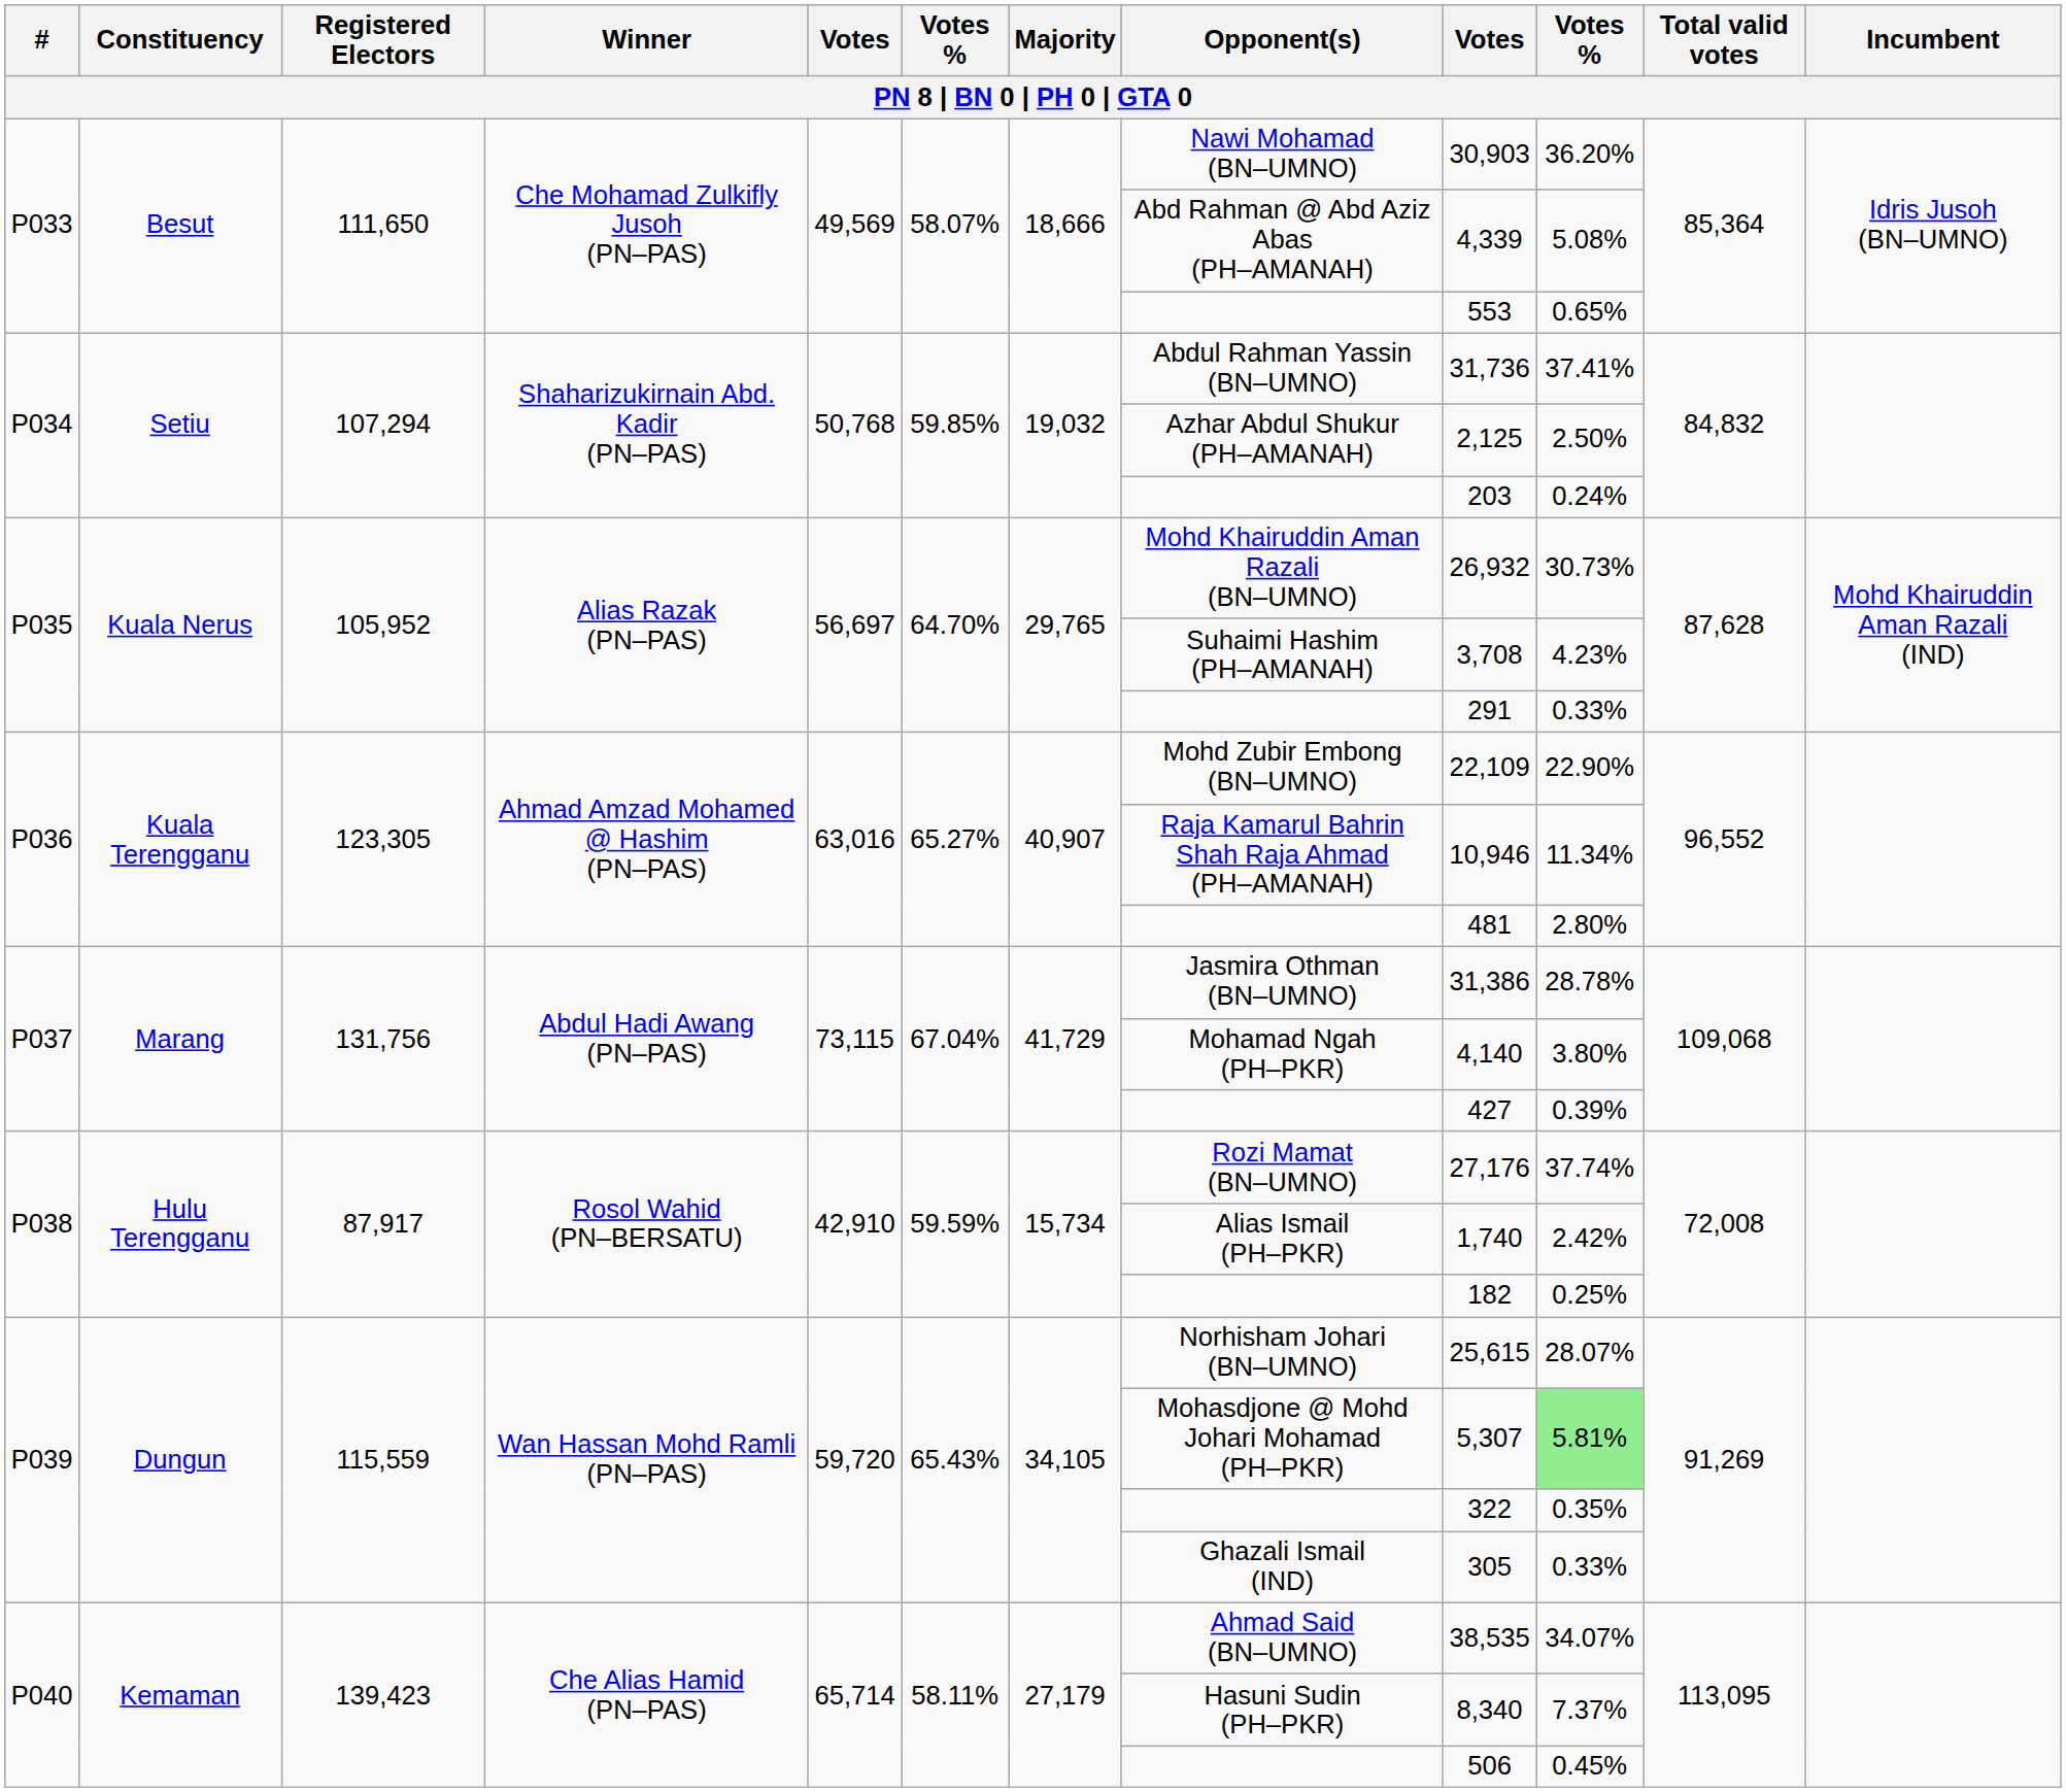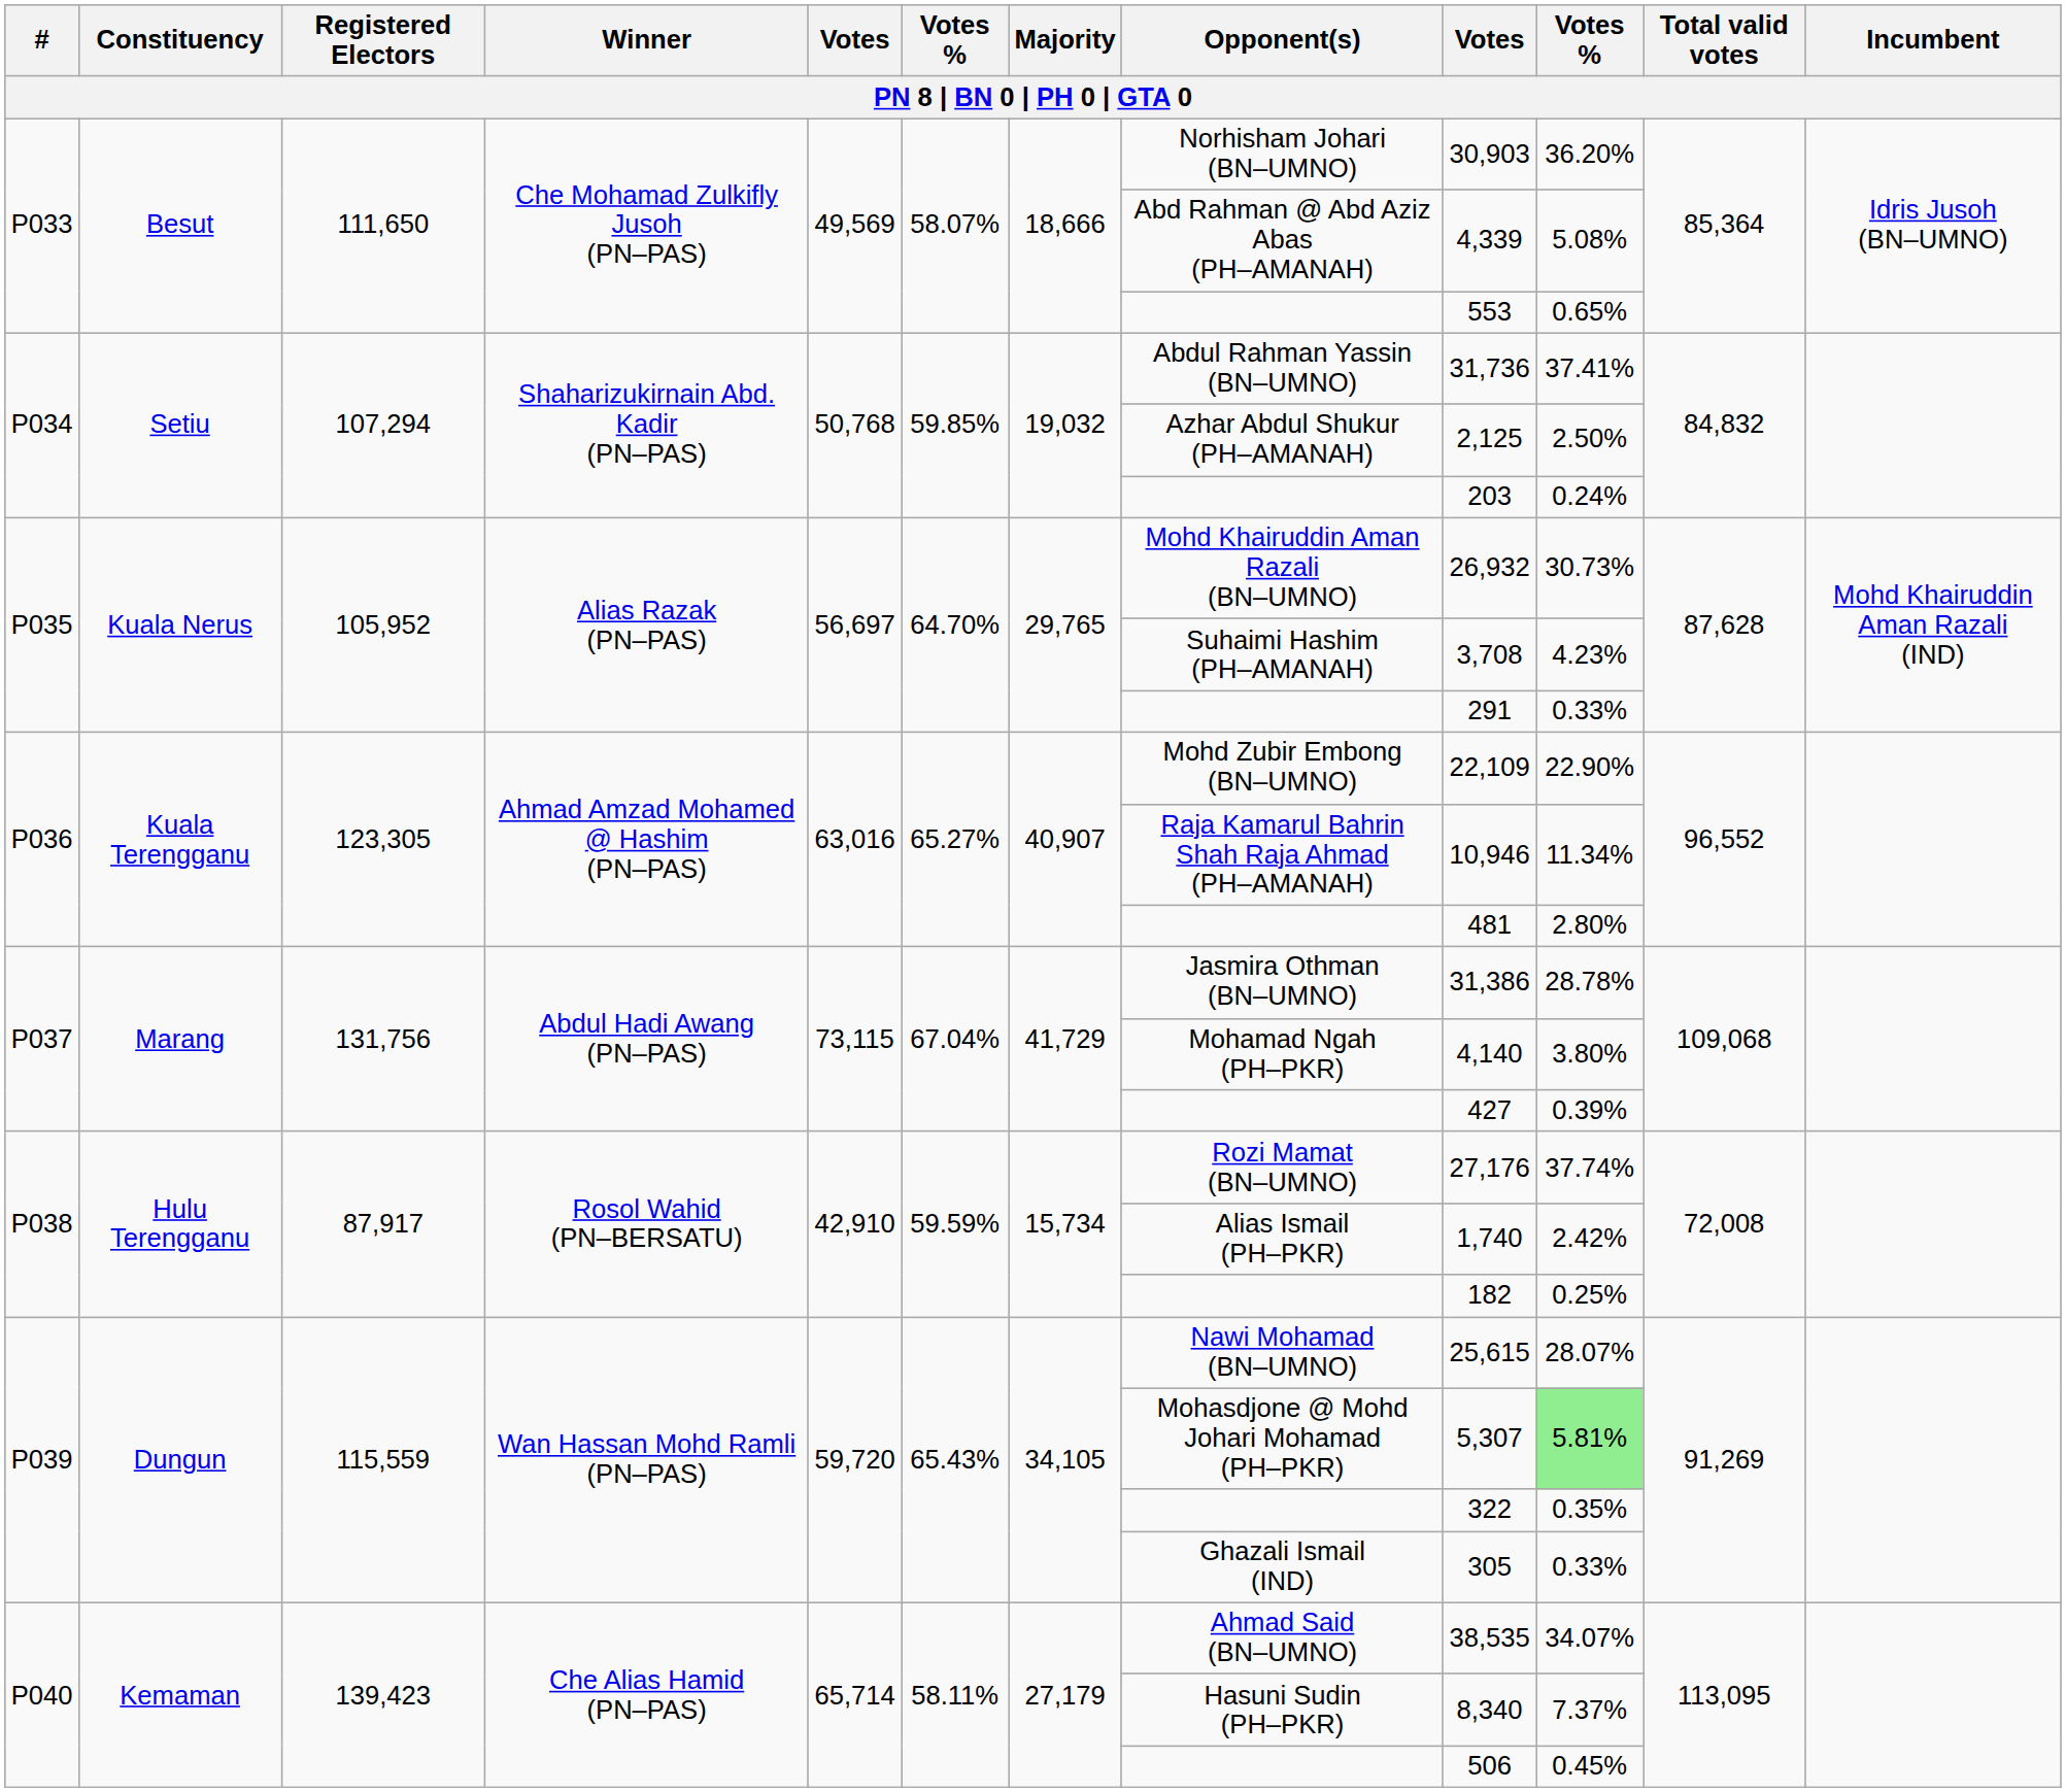 <table class="wikitable sortable" style">
 <tr>
 <th>#</th>
 <th>Constituency</th>
 <th>Registered Electors</th>
 <th>Winner</th>
 <th>Votes</th>
 <th>Votes %</th>
 <th>Majority</th>
 <th>Opponent(s)</th>
 <th>Votes</th>
 <th>Votes %</th>
 <th>Total valid votes</th>
 <th>Incumbent</th>
 </tr>
 <tr>
 <th colspan="13"><a href='#'>PN</a> <strong>8</strong> | <a href='#'>BN</a> <strong>0</strong>  | <a href='#'>PH</a> <strong>0</strong> | <a href='#'>GTA</a> <strong>0</strong></th>
 </tr>
 <tr align="center">
 <td rowspan=3>P033</td>
 <td rowspan=3><a href='#'>Besut</a></td>
 <td rowspan=3>111,650</td>
 <td rowspan=3><a href='#'>Che Mohamad Zulkifly Jusoh</a><br>(PN–PAS) </td>
 <td rowspan=3>49,569</td>
 <td rowspan=3>58.07%</td>
 <td rowspan=3>18,666</td>
-<td><a href='#'>Nawi Mohamad</a><br>(BN–UMNO)</td>
+<td>Norhisham Johari<br>(BN–UMNO)</td>
 <td>30,903</td>
 <td>36.20%</td>
 <td rowspan=3>85,364</td>
 <td rowspan=3><a href='#'>Idris Jusoh</a><br>(BN–UMNO)</td>
 </tr>
 <tr align="center">
 <td>Abd Rahman @ Abd Aziz Abas<br>(PH–AMANAH)</td>
 <td>4,339</td>
 <td>5.08%</td>
 </tr>
 <tr align="center">
 <td></td>
 <td>553</td>
 <td>0.65%</td>
 </tr>
 <tr align="center">
 <td rowspan=3>P034</td>
 <td rowspan=3><a href='#'>Setiu</a></td>
 <td rowspan=3>107,294</td>
 <td rowspan=3><a href='#'>Shaharizukirnain Abd. Kadir</a><br>(PN–PAS)</td>
 <td rowspan=3>50,768</td>
 <td rowspan=3>59.85%</td>
 <td rowspan=3>19,032</td>
 <td>Abdul Rahman Yassin<br>(BN–UMNO)</td>
 <td>31,736</td>
 <td>37.41%</td>
 <td rowspan=3>84,832</td>
 <td rowspan=3><br></td>
 </tr>
 <tr align="center">
 <td>Azhar Abdul Shukur<br>(PH–AMANAH)</td>
 <td>2,125</td>
 <td>2.50%</td>
 </tr>
 <tr align="center">
 <td></td>
 <td>203</td>
 <td>0.24%</td>
 </tr>
 <tr align="center">
 <td rowspan=3>P035</td>
 <td rowspan=3><a href='#'>Kuala Nerus</a></td>
 <td rowspan=3>105,952</td>
 <td rowspan=3><a href='#'>Alias Razak</a><br>(PN–PAS)</td>
 <td rowspan=3>56,697</td>
 <td rowspan=3>64.70%</td>
 <td rowspan=3>29,765</td>
 <td><a href='#'>Mohd Khairuddin Aman Razali</a><br>(BN–UMNO)</td>
 <td>26,932</td>
 <td>30.73%</td>
 <td rowspan=3>87,628</td>
 <td rowspan=3><a href='#'>Mohd Khairuddin Aman Razali</a><br>(IND)</td>
 </tr>
 <tr align="center">
 <td>Suhaimi Hashim<br>(PH–AMANAH)</td>
 <td>3,708</td>
 <td>4.23%</td>
 </tr>
 <tr align="center">
 <td></td>
 <td>291</td>
 <td>0.33%</td>
 </tr>
 <tr align="center">
 <td rowspan=3>P036</td>
 <td rowspan=3><a href='#'>Kuala Terengganu</a></td>
 <td rowspan=3>123,305</td>
 <td rowspan=3><a href='#'>Ahmad Amzad Mohamed @ Hashim</a><br>(PN–PAS)</td>
 <td rowspan=3>63,016</td>
 <td rowspan=3>65.27%</td>
 <td rowspan=3>40,907</td>
 <td>Mohd Zubir Embong<br>(BN–UMNO)</td>
 <td>22,109</td>
 <td>22.90%</td>
 <td rowspan=3>96,552</td>
 <td rowspan=3><br></td>
 </tr>
 <tr align="center">
 <td><a href='#'>Raja Kamarul Bahrin Shah Raja Ahmad</a><br>(PH–AMANAH)</td>
 <td>10,946</td>
 <td>11.34%</td>
 </tr>
 <tr align="center">
 <td></td>
 <td>481</td>
 <td>2.80%</td>
 </tr>
 <tr align="center">
 <td rowspan=3>P037</td>
 <td rowspan=3><a href='#'>Marang</a></td>
 <td rowspan=3>131,756</td>
 <td rowspan=3><a href='#'>Abdul Hadi Awang</a><br>(PN–PAS)</td>
 <td rowspan=3>73,115</td>
 <td rowspan=3>67.04%</td>
 <td rowspan=3>41,729</td>
 <td>Jasmira Othman<br>(BN–UMNO)</td>
 <td>31,386</td>
 <td>28.78%</td>
 <td rowspan=3>109,068</td>
 <td rowspan=3><br></td>
 </tr>
 <tr align="center">
 <td>Mohamad Ngah<br>(PH–PKR)</td>
 <td>4,140</td>
 <td>3.80%</td>
 </tr>
 <tr align="center">
 <td></td>
 <td>427</td>
 <td>0.39%</td>
 </tr>
 <tr align="center">
 <td rowspan=3>P038</td>
 <td rowspan=3><a href='#'>Hulu Terengganu</a></td>
 <td rowspan=3>87,917</td>
 <td rowspan=3><a href='#'>Rosol Wahid</a><br>(PN–BERSATU)</td>
 <td rowspan=3>42,910</td>
 <td rowspan=3>59.59%</td>
 <td rowspan=3>15,734</td>
 <td><a href='#'>Rozi Mamat</a><br>(BN–UMNO)</td>
 <td>27,176</td>
 <td>37.74%</td>
 <td rowspan=3>72,008</td>
 <td rowspan=3><br></td>
 </tr>
 <tr align="center">
 <td>Alias Ismail<br>(PH–PKR)</td>
 <td>1,740</td>
 <td>2.42%</td>
 </tr>
 <tr align="center">
 <td></td>
 <td>182</td>
 <td>0.25%</td>
 </tr>
 <tr align="center">
 <td rowspan=4>P039</td>
 <td rowspan=4><a href='#'>Dungun</a></td>
 <td rowspan=4>115,559</td>
 <td rowspan=4><a href='#'>Wan Hassan Mohd Ramli</a><br>(PN–PAS)</td>
 <td rowspan=4>59,720</td>
 <td rowspan=4>65.43%</td>
 <td rowspan=4>34,105</td>
-<td>Norhisham Johari<br>(BN–UMNO)</td>
+<td><a href='#'>Nawi Mohamad</a><br>(BN–UMNO)</td>
 <td>25,615</td>
 <td>28.07%</td>
 <td rowspan=4>91,269</td>
 <td rowspan=4><br></td>
 </tr>
 <tr align="center">
 <td>Mohasdjone @ Mohd Johari Mohamad<br>(PH–PKR)</td>
 <td>5,307</td>
 <td style="background: lightgreen;">5.81%</td>
 </tr>
 <tr align="center">
 <td></td>
 <td>322</td>
 <td>0.35%</td>
 </tr>
 <tr align="center">
 <td>Ghazali Ismail<br>(IND)</td>
 <td>305</td>
 <td>0.33%</td>
 </tr>
 <tr align="center">
 <td rowspan=3>P040</td>
 <td rowspan=3><a href='#'>Kemaman</a></td>
 <td rowspan=3>139,423</td>
 <td rowspan=3><a href='#'>Che Alias Hamid</a><br>(PN–PAS)</td>
 <td rowspan=3>65,714</td>
 <td rowspan=3>58.11%</td>
 <td rowspan=3>27,179</td>
 <td><a href='#'>Ahmad Said</a> <br>(BN–UMNO)</td>
 <td>38,535</td>
 <td>34.07%</td>
 <td rowspan=3>113,095</td>
 <td rowspan=3><br></td>
 </tr>
 <tr align="center">
 <td>Hasuni Sudin<br>(PH–PKR)</td>
 <td>8,340</td>
 <td>7.37%</td>
 </tr>
 <tr align="center">
 <td></td>
 <td>506</td>
 <td>0.45%</td>
 </tr>
 </table>
